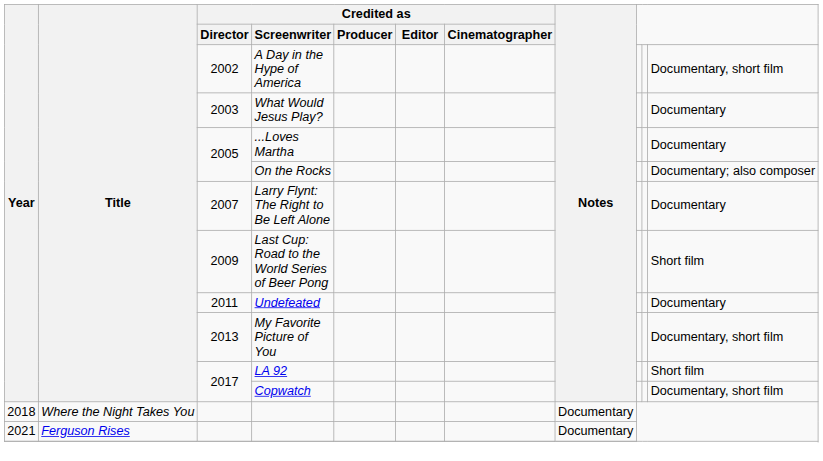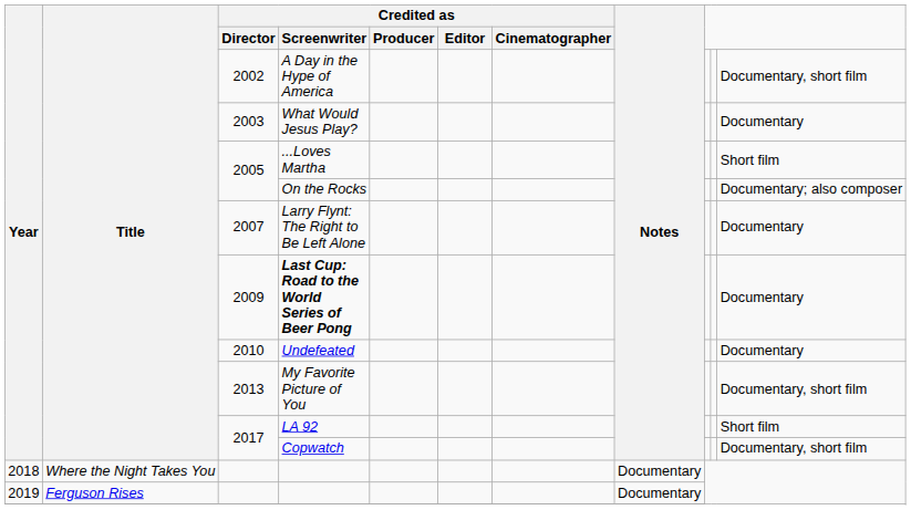 <table class="wikitable sortable">
 <tr>
 <th rowspan=12 width="33">Year</th>
 <th rowspan=12>Title</th>
 <th colspan=5>Credited as</th>
 <th rowspan=12>Notes</th>
 </tr>
 <tr>
 <th width=55>Director</th>
 <th width=55>Screenwriter</th>
 <th width=55>Producer</th>
 <th width=55>Editor</th>
 <th width=55>Cinematographer</th>
 </tr>
 <tr>
 <td align="center">2002</td>
 <td><em>A Day in the Hype of America</em></td>
 <td></td>
 <td></td>
 <td></td>
 <td></td>
 <td></td>
 <td>Documentary, short film</td>
 </tr>
 <tr>
 <td align="center">2003</td>
 <td><em>What Would Jesus Play?</em></td>
 <td></td>
 <td></td>
 <td></td>
 <td></td>
 <td></td>
 <td>Documentary</td>
 </tr>
 <tr>
 <td align="center" rowspan="2">2005</td>
 <td><em>...Loves Martha</em></td>
 <td></td>
 <td></td>
 <td></td>
 <td></td>
 <td></td>
-<td>Documentary</td>
+<td>Short film</td>
 </tr>
 <tr>
 <td><em>On the Rocks</em></td>
 <td></td>
 <td></td>
 <td></td>
 <td></td>
 <td></td>
 <td>Documentary; also composer</td>
 </tr>
 <tr>
 <td align="center">2007</td>
 <td><em>Larry Flynt: The Right to Be Left Alone</em></td>
 <td></td>
 <td></td>
 <td></td>
 <td></td>
 <td></td>
 <td>Documentary</td>
 </tr>
 <tr>
 <td align="center">2009</td>
-<td><em>Last Cup: Road to the World Series of Beer Pong</em></td>
+<td><strong><em>Last Cup: Road to the World Series of Beer Pong</em></strong></td>
 <td></td>
 <td></td>
 <td></td>
 <td></td>
 <td></td>
-<td>Short film</td>
+<td>Documentary</td>
 </tr>
 <tr>
-<td align="center">2011</td>
+<td align="center">2010</td>
 <td><em><a href='#'>Undefeated</a></em></td>
 <td></td>
 <td></td>
 <td></td>
 <td></td>
 <td></td>
 <td>Documentary</td>
 </tr>
 <tr>
 <td align="center">2013</td>
 <td><em>My Favorite Picture of You</em></td>
 <td></td>
 <td></td>
 <td></td>
 <td></td>
 <td></td>
 <td>Documentary, short film</td>
 </tr>
 <tr>
 <td align="center" rowspan="2">2017</td>
 <td><em><a href='#'>LA 92</a></em></td>
 <td></td>
 <td></td>
 <td></td>
 <td></td>
 <td></td>
 <td>Short film</td>
 </tr>
 <tr>
 <td><em><a href='#'>Copwatch</a></em></td>
 <td></td>
 <td></td>
 <td></td>
 <td></td>
 <td></td>
 <td>Documentary, short film</td>
 </tr>
 <tr>
 <td align="center">2018</td>
 <td><em>Where the Night Takes You</em></td>
 <td></td>
 <td></td>
 <td></td>
 <td></td>
 <td></td>
 <td>Documentary</td>
 </tr>
 <tr>
-<td align="center">2021</td>
+<td align="center">2019</td>
 <td><em><a href='#'>Ferguson Rises</a></em></td>
 <td></td>
 <td></td>
 <td></td>
 <td></td>
 <td></td>
 <td>Documentary</td>
 </tr>
 <tr>
 </tr>
 </table>
